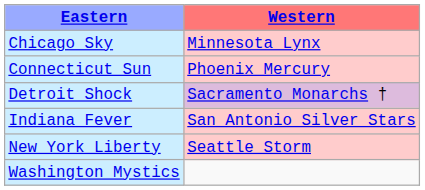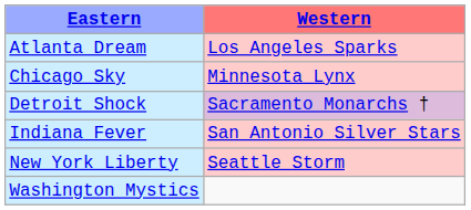 <table class="wikitable">
 <tr>
 <th style="background-color: #9AF;"><a href='#'>Eastern</a></th>
 <th style="background-color: #F77;"><a href='#'>Western</a></th>
 </tr>
 <tr>
+<td style="background-color: #CEF;"><a href='#'>Atlanta Dream</a></td>
+<td style="background-color: #FCC;"><a href='#'>Los Angeles Sparks</a></td>
+</tr>
+<tr>
 <td style="background-color: #CEF;"><a href='#'>Chicago Sky</a></td>
 <td style="background-color: #FCC;"><a href='#'>Minnesota Lynx</a></td>
-</tr>
-<tr>
-<td style="background-color: #CEF;"><a href='#'>Connecticut Sun</a></td>
-<td style="background-color: #FCC;"><a href='#'>Phoenix Mercury</a></td>
 </tr>
 <tr>
 <td style="background-color: #CEF;"><a href='#'>Detroit Shock</a></td>
 <td style="background-color: #DBD;"><a href='#'>Sacramento Monarchs</a> †</td>
 </tr>
 <tr>
 <td style="background-color: #CEF;"><a href='#'>Indiana Fever</a></td>
 <td style="background-color: #FCC;"><a href='#'>San Antonio Silver Stars</a></td>
 </tr>
 <tr>
 <td style="background-color: #CEF;"><a href='#'>New York Liberty</a></td>
 <td style="background-color: #FCC;"><a href='#'>Seattle Storm</a></td>
 </tr>
 <tr>
 <td style="background-color: #CEF;"><a href='#'>Washington Mystics</a></td>
 <td></td>
 </tr>
 </table>
